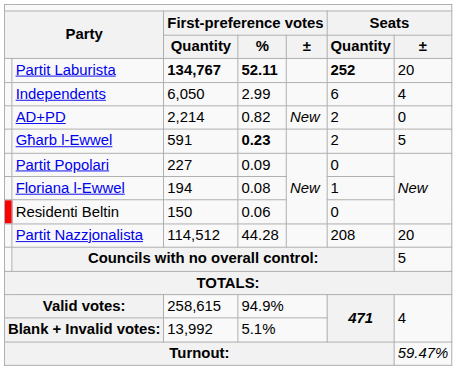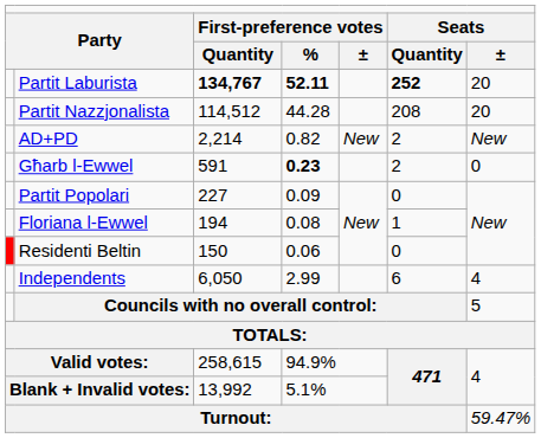 <table class="wikitable">
 <tr>
 <td colspan="7"></td>
 </tr>
 <tr>
 <th colspan="2" rowspan="2">Party</th>
 <th colspan="3">First-preference votes</th>
 <th colspan="2">Seats</th>
 </tr>
 <tr>
 <th>Quantity</th>
 <th>%</th>
 <th>±</th>
 <th>Quantity</th>
 <th>±</th>
 </tr>
 <tr>
 <td style="background:"></td>
 <td><a href='#'>Partit Laburista</a></td>
 <td><strong>134,767</strong></td>
 <td><strong>52.11</strong></td>
 <td></td>
 <td><strong>252</strong></td>
 <td> 20</td>
 </tr>
 <tr>
 <td style="background:"></td>
-<td><a href='#'>Independents</a></td>
-<td>6,050</td>
-<td>2.99</td>
+<td><a href='#'>Partit Nazzjonalista</a></td>
+<td>114,512</td>
+<td>44.28</td>
 <td></td>
-<td>6</td>
-<td> 4</td>
+<td>208</td>
+<td> 20</td>
 </tr>
 <tr>
 <td style="background:"></td>
 <td><a href='#'>AD+PD</a></td>
 <td>2,214</td>
 <td>0.82</td>
 <td><em>New</em></td>
 <td>2</td>
-<td> 0</td>
+<td><em>New</em></td>
 </tr>
 <tr>
 <td style="background:"></td>
 <td><a href='#'>Għarb l-Ewwel</a></td>
 <td>591</td>
 <td><strong>0.23</strong></td>
 <td></td>
 <td>2</td>
-<td>5</td>
+<td> 0</td>
 </tr>
 <tr>
 <td style="background:"></td>
 <td><a href='#'>Partit Popolari</a></td>
 <td>227</td>
 <td>0.09</td>
 <td rowspan="3"><em>New</em></td>
 <td>0</td>
 <td rowspan="3"><em>New</em></td>
 </tr>
 <tr>
 <td style="background:"></td>
 <td><a href='#'>Floriana l-Ewwel</a></td>
 <td>194</td>
 <td>0.08</td>
 <td>1</td>
 </tr>
 <tr>
 <td style="background:red"></td>
 <td>Residenti Beltin</td>
 <td>150</td>
 <td>0.06</td>
 <td>0</td>
 </tr>
 <tr>
 <td style="background:"></td>
-<td><a href='#'>Partit Nazzjonalista</a></td>
-<td>114,512</td>
-<td>44.28</td>
+<td><a href='#'>Independents</a></td>
+<td>6,050</td>
+<td>2.99</td>
 <td></td>
-<td>208</td>
-<td> 20</td>
+<td>6</td>
+<td> 4</td>
 </tr>
 <tr>
 <td style="background:"></td>
 <th colspan="5">Councils with no overall control:</th>
 <td>5</td>
 </tr>
 <tr>
 <th colspan="7">TOTALS:</th>
 </tr>
 <tr>
 <th colspan="2">Valid votes:</th>
 <td>258,615</td>
 <td colspan="2">94.9%</td>
 <th rowspan="2"><strong><em>471</em></strong></th>
 <td rowspan="2"> 4</td>
 </tr>
 <tr>
 <th colspan="2">Blank + Invalid votes:</th>
 <td>13,992</td>
 <td colspan="2">5.1%</td>
 </tr>
 <tr>
 <th colspan="6">Turnout:</th>
 <td><em>59.47%</em></td>
 </tr>
 </table>
